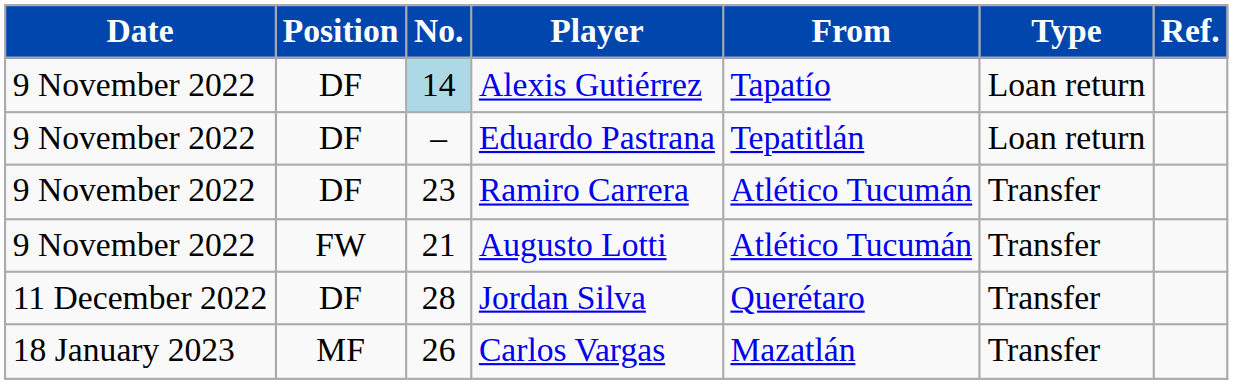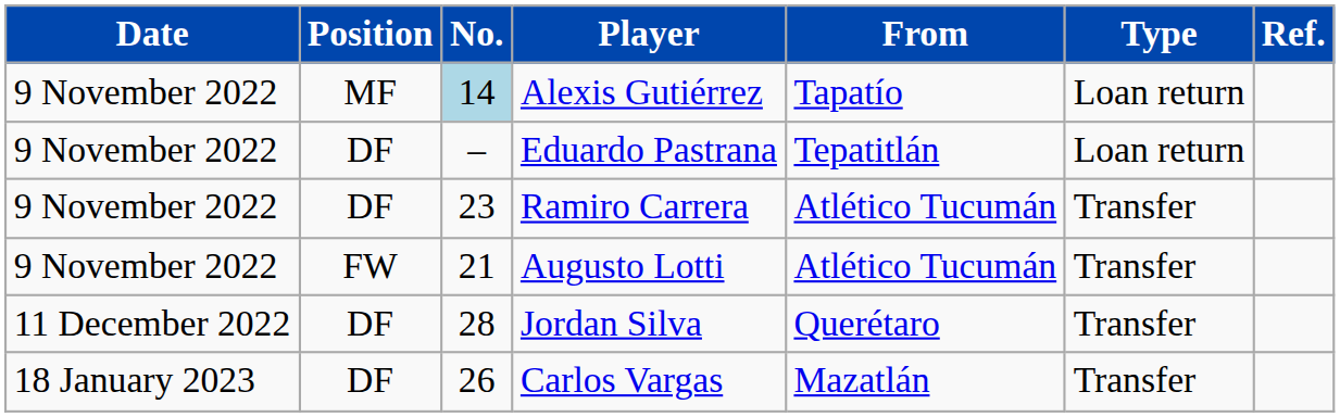 <table class="wikitable plainrowheaders sortable">
 <tr>
 <th style="background:#0046AD; color:#FFFFFF; ">Date</th>
 <th style="background:#0046AD; color:#FFFFFF; ">Position</th>
 <th style="background:#0046AD; color:#FFFFFF; ">No.</th>
 <th style="background:#0046AD; color:#FFFFFF; ">Player</th>
 <th style="background:#0046AD; color:#FFFFFF; ">From</th>
 <th style="background:#0046AD; color:#FFFFFF; ">Type</th>
 <th style="background:#0046AD; color:#FFFFFF; ">Ref.</th>
 </tr>
 <tr>
 <td>9 November 2022</td>
-<td style="text-align:center;">DF</td>
+<td style="text-align:center;">MF</td>
 <td style="background: lightblue; text-align:center;">14</td>
 <td style="text-align:left;"> <a href='#'>Alexis Gutiérrez</a></td>
 <td style="text-align:left;"> <a href='#'>Tapatío</a></td>
 <td>Loan return</td>
 <td></td>
 </tr>
 <tr>
 <td>9 November 2022</td>
 <td style="text-align:center;">DF</td>
 <td style="text-align:center;">–</td>
 <td style="text-align:left;"> <a href='#'>Eduardo Pastrana</a></td>
 <td style="text-align:left;"> <a href='#'>Tepatitlán</a></td>
 <td>Loan return</td>
 <td></td>
 </tr>
 <tr>
 <td>9 November 2022</td>
 <td style="text-align:center;">DF</td>
 <td style="text-align:center;">23</td>
 <td style="text-align:left;"> <a href='#'>Ramiro Carrera</a></td>
 <td style="text-align:left;"> <a href='#'>Atlético Tucumán</a></td>
 <td>Transfer</td>
 <td></td>
 </tr>
 <tr>
 <td>9 November 2022</td>
 <td style="text-align:center;">FW</td>
 <td style="text-align:center;">21</td>
 <td style="text-align:left;"> <a href='#'>Augusto Lotti</a></td>
 <td style="text-align:left;"> <a href='#'>Atlético Tucumán</a></td>
 <td>Transfer</td>
 <td></td>
 </tr>
 <tr>
 <td>11 December 2022</td>
 <td style="text-align:center;">DF</td>
 <td style="text-align:center;">28</td>
 <td style="text-align:left;"> <a href='#'>Jordan Silva</a></td>
 <td style="text-align:left;"> <a href='#'>Querétaro</a></td>
 <td>Transfer</td>
 <td></td>
 </tr>
 <tr>
 <td>18 January 2023</td>
-<td style="text-align:center;">MF</td>
+<td style="text-align:center;">DF</td>
 <td style="text-align:center;">26</td>
 <td style="text-align:left;"> <a href='#'>Carlos Vargas</a></td>
 <td style="text-align:left;"> <a href='#'>Mazatlán</a></td>
 <td>Transfer</td>
 <td></td>
 </tr>
 </table>
